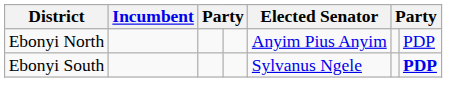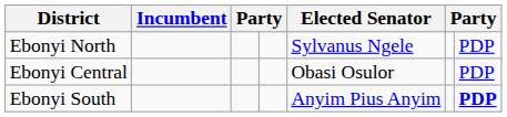 <table class="sortable wikitable" style="font-size:95%;line-height:14px;">
 <tr>
 <th class="unsortable">District</th>
 <th class="unsortable"><a href='#'>Incumbent</a></th>
 <th colspan="2">Party</th>
 <th class="unsortable">Elected Senator</th>
 <th colspan="2">Party</th>
 </tr>
 <tr>
 <td>Ebonyi North</td>
 <td></td>
 <td></td>
 <td></td>
-<td><a href='#'>Anyim Pius Anyim</a></td>
+<td><a href='#'>Sylvanus Ngele</a></td>
+<td style="background:"></td>
+<td><a href='#'>PDP</a></td>
+</tr>
+<tr>
+<td>Ebonyi Central</td>
+<td></td>
+<td></td>
+<td></td>
+<td>Obasi Osulor</td>
 <td style="background:"></td>
 <td><a href='#'>PDP</a></td>
 </tr>
 <tr>
 <td>Ebonyi South</td>
 <td></td>
 <td></td>
 <td></td>
-<td><a href='#'>Sylvanus Ngele</a></td>
+<td><a href='#'>Anyim Pius Anyim</a></td>
 <td style="background:"></td>
 <td><strong><a href='#'>PDP</a></strong></td>
 </tr>
 </table>
